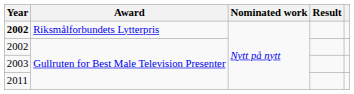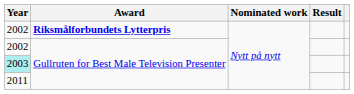 <table class="wikitable">
 <tr>
 <th>Year</th>
 <th>Award</th>
 <th>Nominated work</th>
 <th>Result</th>
 <th></th>
 </tr>
 <tr>
-<td><strong>2002</strong></td>
-<td><a href='#'>Riksmålforbundets Lytterpris</a></td>
+<td>2002</td>
+<td><strong><a href='#'>Riksmålforbundets Lytterpris</a></strong></td>
 <td rowspan="4"><em><a href='#'>Nytt på nytt</a></em></td>
 <td></td>
 <td style="text-align:center;"></td>
 </tr>
 <tr>
 <td>2002</td>
 <td rowspan="3"><a href='#'>Gullruten for Best Male Television Presenter</a></td>
 <td></td>
 <td style="text-align:center;"></td>
 </tr>
 <tr>
-<td>2003</td>
+<td style="background: paleturquoise;">2003</td>
 <td></td>
 <td style="text-align:center;"></td>
 </tr>
 <tr>
 <td>2011</td>
 <td></td>
 <td style="text-align:center;"></td>
 </tr>
 </table>
